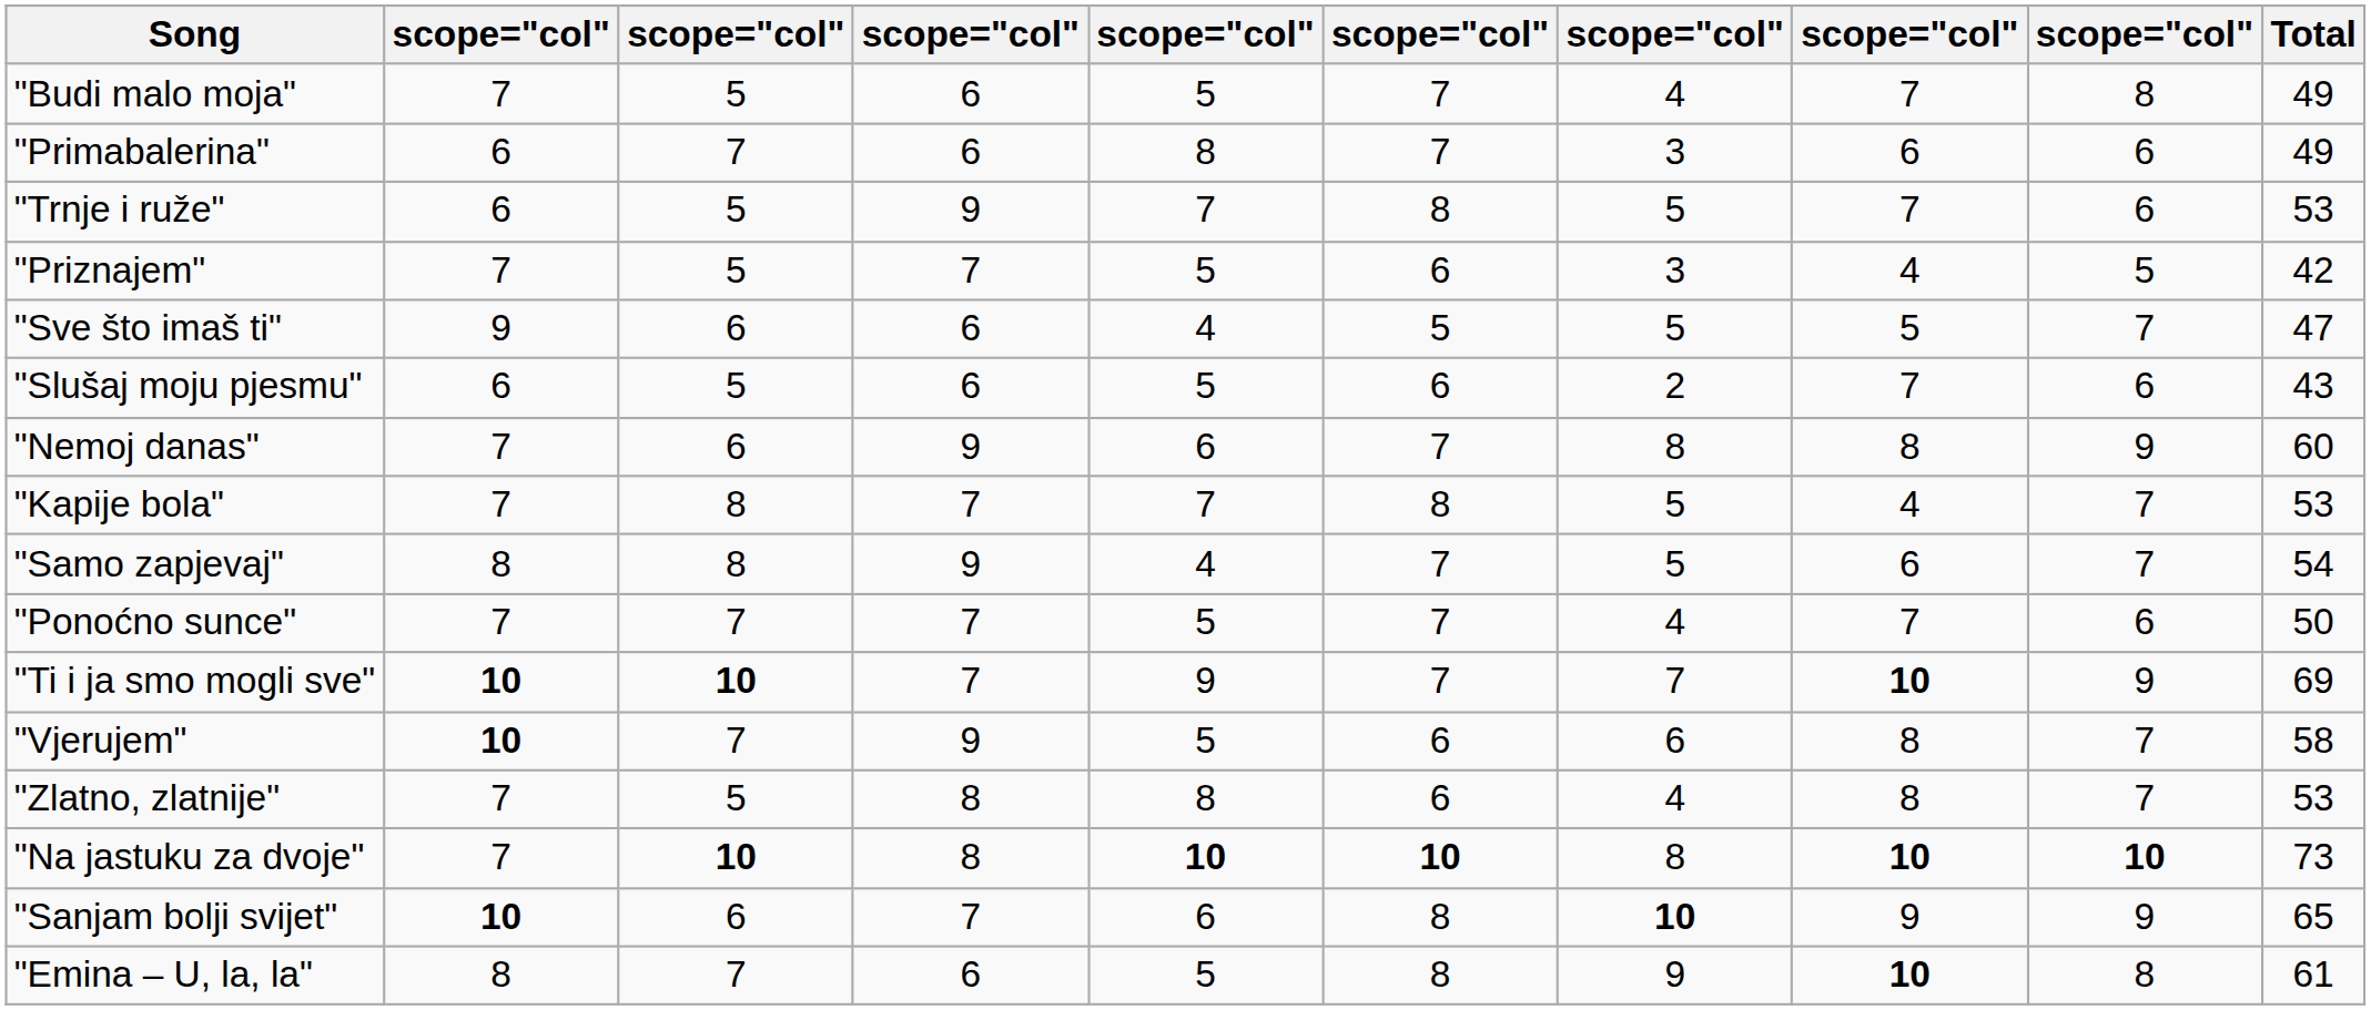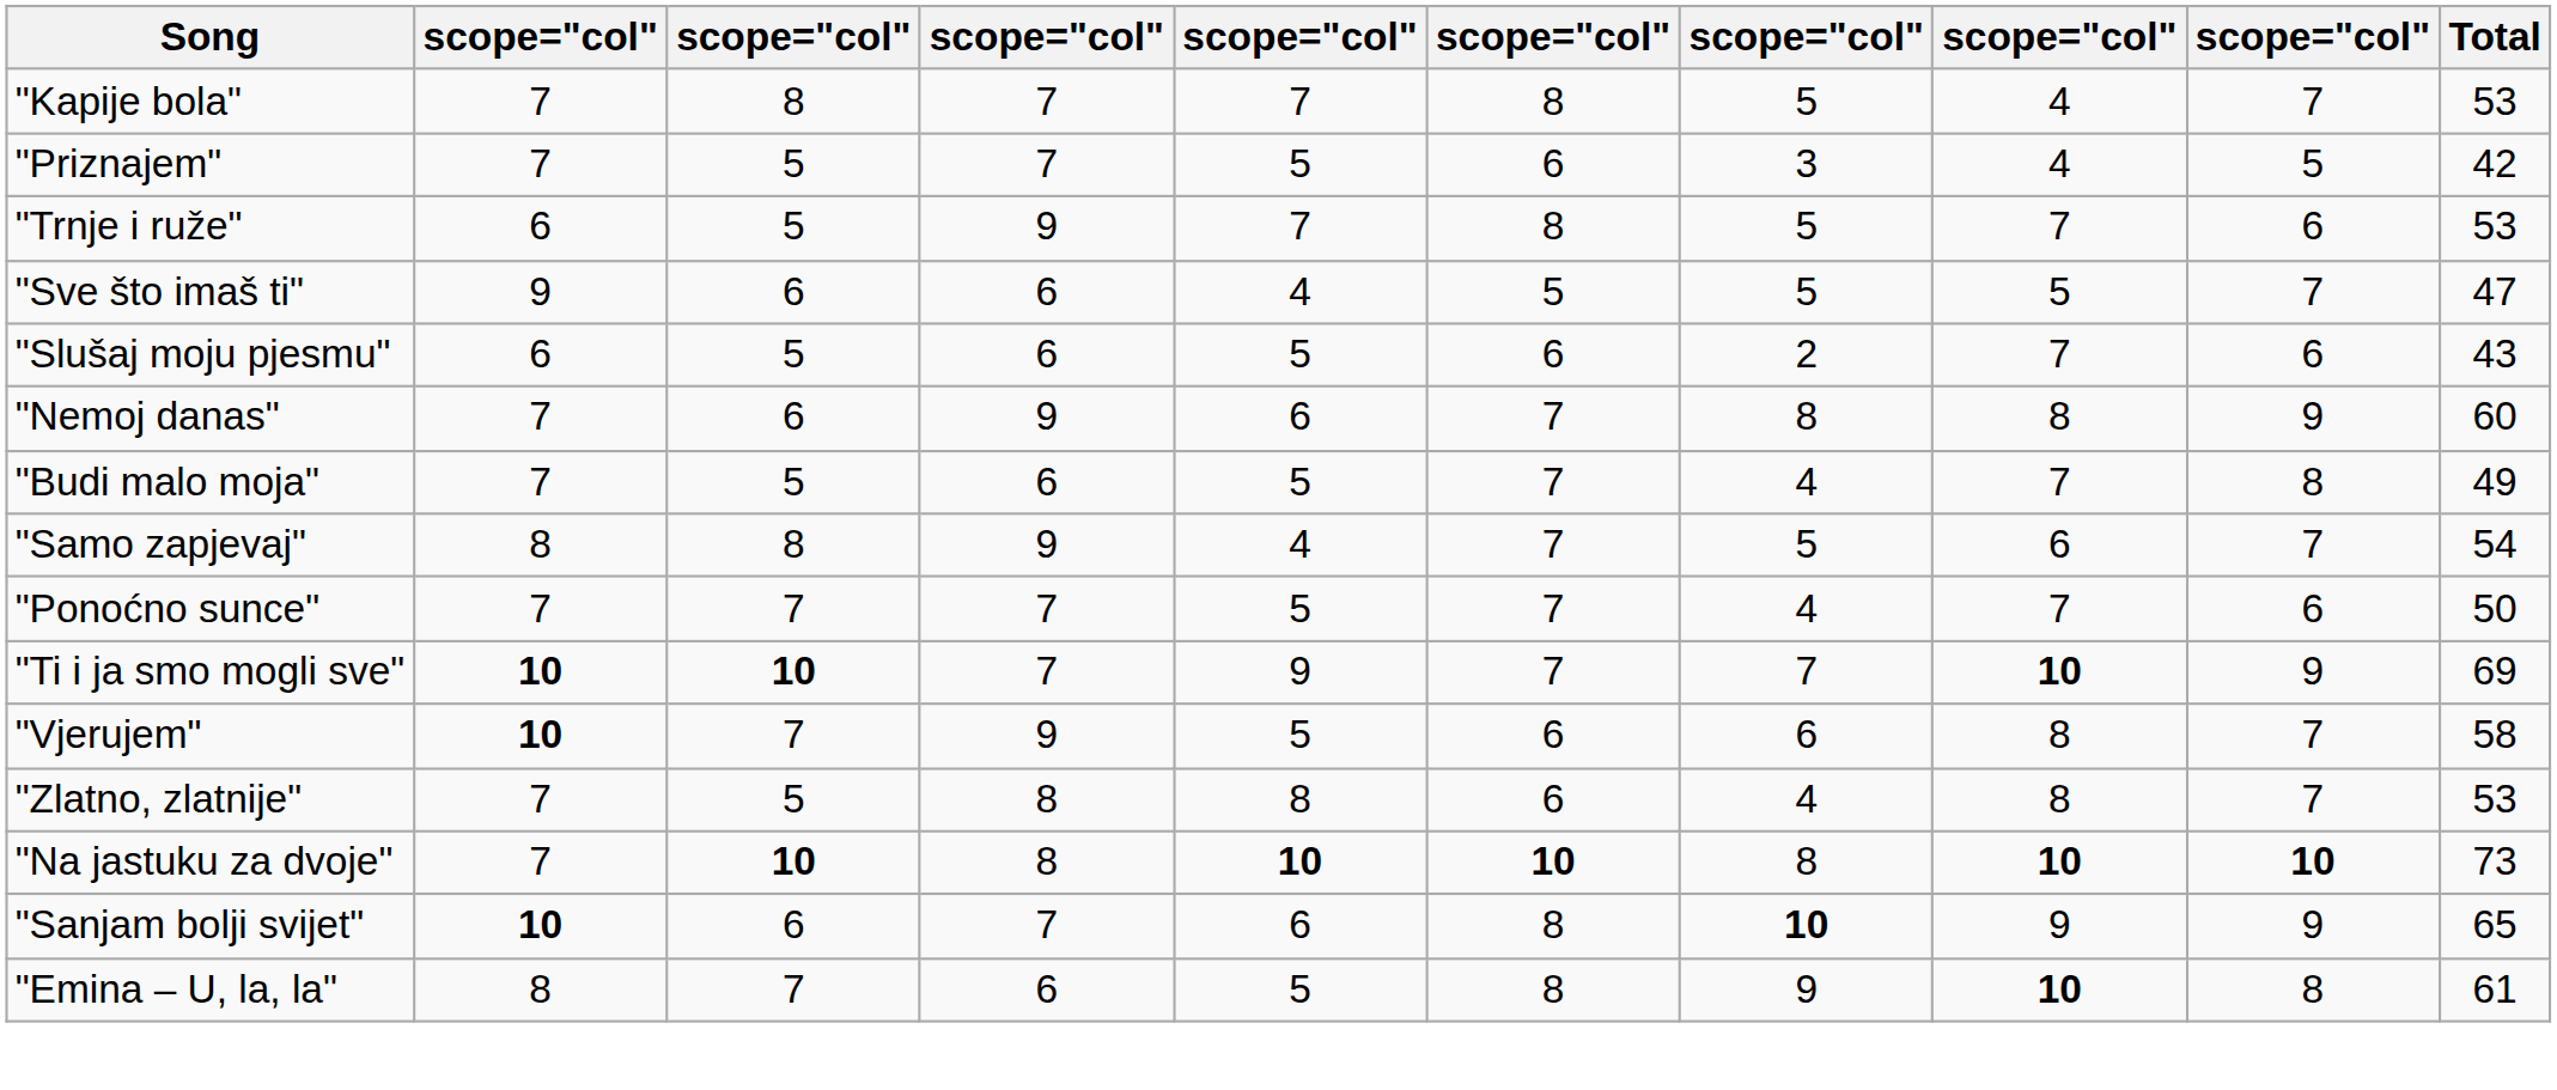 <table class="wikitable plainrowheaders" style="margin: 1em auto 1em auto; text-align:center">
 <tr>
 <th>Song</th>
 <th>scope="col" </th>
 <th>scope="col" </th>
 <th>scope="col" </th>
 <th>scope="col" </th>
 <th>scope="col" </th>
 <th>scope="col" </th>
 <th>scope="col" </th>
 <th>scope="col" </th>
 <th>Total</th>
 </tr>
 <tr>
-<td align="left">"Budi malo moja"</td>
-<td>7</td>
-<td>5</td>
-<td>6</td>
-<td>5</td>
-<td>7</td>
-<td>4</td>
+<td align="left">"Kapije bola"</td>
 <td>7</td>
 <td>8</td>
-<td>49</td>
-</tr>
-<tr>
-<td align="left">"Primabalerina"</td>
-<td>6</td>
 <td>7</td>
-<td>6</td>
-<td>8</td>
-<td>7</td>
-<td>3</td>
-<td>6</td>
-<td>6</td>
-<td>49</td>
-</tr>
-<tr>
-<td align="left">"Trnje i ruže"</td>
-<td>6</td>
-<td>5</td>
-<td>9</td>
 <td>7</td>
 <td>8</td>
 <td>5</td>
+<td>4</td>
 <td>7</td>
-<td>6</td>
 <td>53</td>
 </tr>
 <tr>
 <td align="left">"Priznajem"</td>
 <td>7</td>
 <td>5</td>
 <td>7</td>
 <td>5</td>
 <td>6</td>
 <td>3</td>
 <td>4</td>
 <td>5</td>
 <td>42</td>
+</tr>
+<tr>
+<td align="left">"Trnje i ruže"</td>
+<td>6</td>
+<td>5</td>
+<td>9</td>
+<td>7</td>
+<td>8</td>
+<td>5</td>
+<td>7</td>
+<td>6</td>
+<td>53</td>
 </tr>
 <tr>
 <td align="left">"Sve što imaš ti"</td>
 <td>9</td>
 <td>6</td>
 <td>6</td>
 <td>4</td>
 <td>5</td>
 <td>5</td>
 <td>5</td>
 <td>7</td>
 <td>47</td>
 </tr>
 <tr>
 <td align="left">"Slušaj moju pjesmu"</td>
 <td>6</td>
 <td>5</td>
 <td>6</td>
 <td>5</td>
 <td>6</td>
 <td>2</td>
 <td>7</td>
 <td>6</td>
 <td>43</td>
 </tr>
 <tr>
 <td align="left">"Nemoj danas"</td>
 <td>7</td>
 <td>6</td>
 <td>9</td>
 <td>6</td>
 <td>7</td>
 <td>8</td>
 <td>8</td>
 <td>9</td>
 <td>60</td>
 </tr>
 <tr>
-<td align="left">"Kapije bola"</td>
+<td align="left">"Budi malo moja"</td>
+<td>7</td>
+<td>5</td>
+<td>6</td>
+<td>5</td>
+<td>7</td>
+<td>4</td>
 <td>7</td>
 <td>8</td>
-<td>7</td>
-<td>7</td>
-<td>8</td>
-<td>5</td>
-<td>4</td>
-<td>7</td>
-<td>53</td>
+<td>49</td>
 </tr>
 <tr>
 <td align="left">"Samo zapjevaj"</td>
 <td>8</td>
 <td>8</td>
 <td>9</td>
 <td>4</td>
 <td>7</td>
 <td>5</td>
 <td>6</td>
 <td>7</td>
 <td>54</td>
 </tr>
 <tr>
 <td align="left">"Ponoćno sunce"</td>
 <td>7</td>
 <td>7</td>
 <td>7</td>
 <td>5</td>
 <td>7</td>
 <td>4</td>
 <td>7</td>
 <td>6</td>
 <td>50</td>
 </tr>
 <tr>
 <td align="left">"Ti i ja smo mogli sve"</td>
 <td><strong>10</strong></td>
 <td><strong>10</strong></td>
 <td>7</td>
 <td>9</td>
 <td>7</td>
 <td>7</td>
 <td><strong>10</strong></td>
 <td>9</td>
 <td>69</td>
 </tr>
 <tr>
 <td align="left">"Vjerujem"</td>
 <td><strong>10</strong></td>
 <td>7</td>
 <td>9</td>
 <td>5</td>
 <td>6</td>
 <td>6</td>
 <td>8</td>
 <td>7</td>
 <td>58</td>
 </tr>
 <tr>
 <td align="left">"Zlatno, zlatnije"</td>
 <td>7</td>
 <td>5</td>
 <td>8</td>
 <td>8</td>
 <td>6</td>
 <td>4</td>
 <td>8</td>
 <td>7</td>
 <td>53</td>
 </tr>
 <tr>
 <td align="left">"Na jastuku za dvoje"</td>
 <td>7</td>
 <td><strong>10</strong></td>
 <td>8</td>
 <td><strong>10</strong></td>
 <td><strong>10</strong></td>
 <td>8</td>
 <td><strong>10</strong></td>
 <td><strong>10</strong></td>
 <td>73</td>
 </tr>
 <tr>
 <td align="left">"Sanjam bolji svijet"</td>
 <td><strong>10</strong></td>
 <td>6</td>
 <td>7</td>
 <td>6</td>
 <td>8</td>
 <td><strong>10</strong></td>
 <td>9</td>
 <td>9</td>
 <td>65</td>
 </tr>
 <tr>
 <td align="left">"Emina – U, la, la"</td>
 <td>8</td>
 <td>7</td>
 <td>6</td>
 <td>5</td>
 <td>8</td>
 <td>9</td>
 <td><strong>10</strong></td>
 <td>8</td>
 <td>61</td>
 </tr>
 </table>
